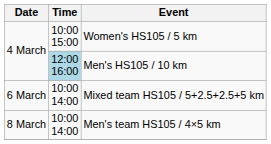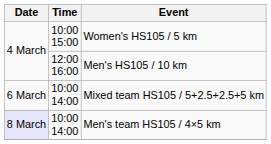 <table class="wikitable">
 <tr>
 <th>Date</th>
 <th>Time</th>
 <th>Event</th>
 </tr>
 <tr>
 <td rowspan=2>4 March</td>
 <td>10:00<br>15:00</td>
 <td>Women's HS105 / 5 km</td>
 </tr>
 <tr>
-<td style="background: lightblue;">12:00<br>16:00</td>
+<td>12:00<br>16:00</td>
 <td>Men's HS105 / 10 km</td>
 </tr>
 <tr>
 <td>6 March</td>
 <td>10:00<br>14:00</td>
 <td>Mixed team HS105 / 5+2.5+2.5+5 km</td>
 </tr>
 <tr>
-<td>8 March</td>
+<td style="background: lavender;">8 March</td>
 <td>10:00<br>14:00</td>
 <td>Men's team HS105 / 4×5 km</td>
 </tr>
 <tr>
 </tr>
 </table>
